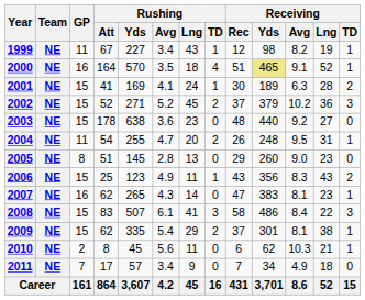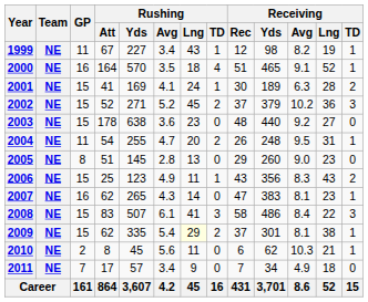 <table class="wikitable" style="text-align:center;">
 <tr>
 <th rowspan="2">Year</th>
 <th rowspan="2">Team</th>
 <th rowspan="2">GP</th>
 <th colspan="5">Rushing</th>
 <th colspan="5">Receiving</th>
 </tr>
 <tr>
 <th>Att</th>
 <th>Yds</th>
 <th>Avg</th>
 <th>Lng</th>
 <th>TD</th>
 <th>Rec</th>
 <th>Yds</th>
 <th>Avg</th>
 <th>Lng</th>
 <th>TD</th>
 </tr>
 <tr>
 <th><a href='#'>1999</a></th>
 <th><a href='#'>NE</a></th>
 <td>11</td>
 <td>67</td>
 <td>227</td>
 <td>3.4</td>
 <td>43</td>
 <td>1</td>
 <td>12</td>
 <td>98</td>
 <td>8.2</td>
 <td>19</td>
 <td>1</td>
 </tr>
 <tr>
 <th><a href='#'>2000</a></th>
 <th><a href='#'>NE</a></th>
 <td>16</td>
 <td>164</td>
 <td>570</td>
 <td>3.5</td>
 <td>18</td>
 <td>4</td>
 <td>51</td>
-<td style="background: khaki;">465</td>
+<td>465</td>
 <td>9.1</td>
 <td>52</td>
 <td>1</td>
 </tr>
 <tr>
 <th><a href='#'>2001</a></th>
 <th><a href='#'>NE</a></th>
 <td>15</td>
 <td>41</td>
 <td>169</td>
 <td>4.1</td>
 <td>24</td>
 <td>1</td>
 <td>30</td>
 <td>189</td>
 <td>6.3</td>
 <td>28</td>
 <td>2</td>
 </tr>
 <tr>
 <th><a href='#'>2002</a></th>
 <th><a href='#'>NE</a></th>
 <td>15</td>
 <td>52</td>
 <td>271</td>
 <td>5.2</td>
 <td>45</td>
 <td>2</td>
 <td>37</td>
 <td>379</td>
 <td>10.2</td>
 <td>36</td>
 <td>3</td>
 </tr>
 <tr>
 <th><a href='#'>2003</a></th>
 <th><a href='#'>NE</a></th>
 <td>15</td>
 <td>178</td>
 <td>638</td>
 <td>3.6</td>
 <td>23</td>
 <td>0</td>
 <td>48</td>
 <td>440</td>
 <td>9.2</td>
 <td>27</td>
 <td>0</td>
 </tr>
 <tr>
 <th><a href='#'>2004</a></th>
 <th><a href='#'>NE</a></th>
 <td>11</td>
 <td>54</td>
 <td>255</td>
 <td>4.7</td>
 <td>20</td>
 <td>2</td>
 <td>26</td>
 <td>248</td>
 <td>9.5</td>
 <td>31</td>
 <td>1</td>
 </tr>
 <tr>
 <th><a href='#'>2005</a></th>
 <th><a href='#'>NE</a></th>
 <td>8</td>
 <td>51</td>
 <td>145</td>
 <td>2.8</td>
 <td>13</td>
 <td>0</td>
 <td>29</td>
 <td>260</td>
 <td>9.0</td>
 <td>23</td>
 <td>0</td>
 </tr>
 <tr>
 <th><a href='#'>2006</a></th>
 <th><a href='#'>NE</a></th>
 <td>15</td>
 <td>25</td>
 <td>123</td>
 <td>4.9</td>
 <td>11</td>
 <td>1</td>
 <td>43</td>
 <td>356</td>
 <td>8.3</td>
 <td>43</td>
 <td>2</td>
 </tr>
 <tr>
 <th><a href='#'>2007</a></th>
 <th><a href='#'>NE</a></th>
 <td>16</td>
 <td>62</td>
 <td>265</td>
 <td>4.3</td>
 <td>14</td>
 <td>0</td>
 <td>47</td>
 <td>383</td>
 <td>8.1</td>
 <td>23</td>
 <td>1</td>
 </tr>
 <tr>
 <th><a href='#'>2008</a></th>
 <th><a href='#'>NE</a></th>
 <td>15</td>
 <td>83</td>
 <td>507</td>
 <td>6.1</td>
 <td>41</td>
 <td>3</td>
 <td>58</td>
 <td>486</td>
 <td>8.4</td>
 <td>22</td>
 <td>3</td>
 </tr>
 <tr>
 <th><a href='#'>2009</a></th>
 <th><a href='#'>NE</a></th>
 <td>15</td>
 <td>62</td>
 <td>335</td>
 <td>5.4</td>
-<td>29</td>
+<td style="background: lightyellow;">29</td>
 <td>2</td>
 <td>37</td>
 <td>301</td>
 <td>8.1</td>
 <td>38</td>
 <td>1</td>
 </tr>
 <tr>
 <th><a href='#'>2010</a></th>
 <th><a href='#'>NE</a></th>
 <td>2</td>
 <td>8</td>
 <td>45</td>
 <td>5.6</td>
 <td>11</td>
 <td>0</td>
 <td>6</td>
 <td>62</td>
 <td>10.3</td>
 <td>21</td>
 <td>1</td>
 </tr>
 <tr>
 <th><a href='#'>2011</a></th>
 <th><a href='#'>NE</a></th>
 <td>7</td>
 <td>17</td>
 <td>57</td>
 <td>3.4</td>
 <td>9</td>
 <td>0</td>
 <td>7</td>
 <td>34</td>
 <td>4.9</td>
 <td>18</td>
 <td>0</td>
 </tr>
 <tr>
 <th colspan="2">Career</th>
 <th>161</th>
 <th>864</th>
 <th>3,607</th>
 <th>4.2</th>
 <th>45</th>
 <th>16</th>
 <th>431</th>
 <th>3,701</th>
 <th>8.6</th>
 <th>52</th>
 <th>15</th>
 </tr>
 </table>
